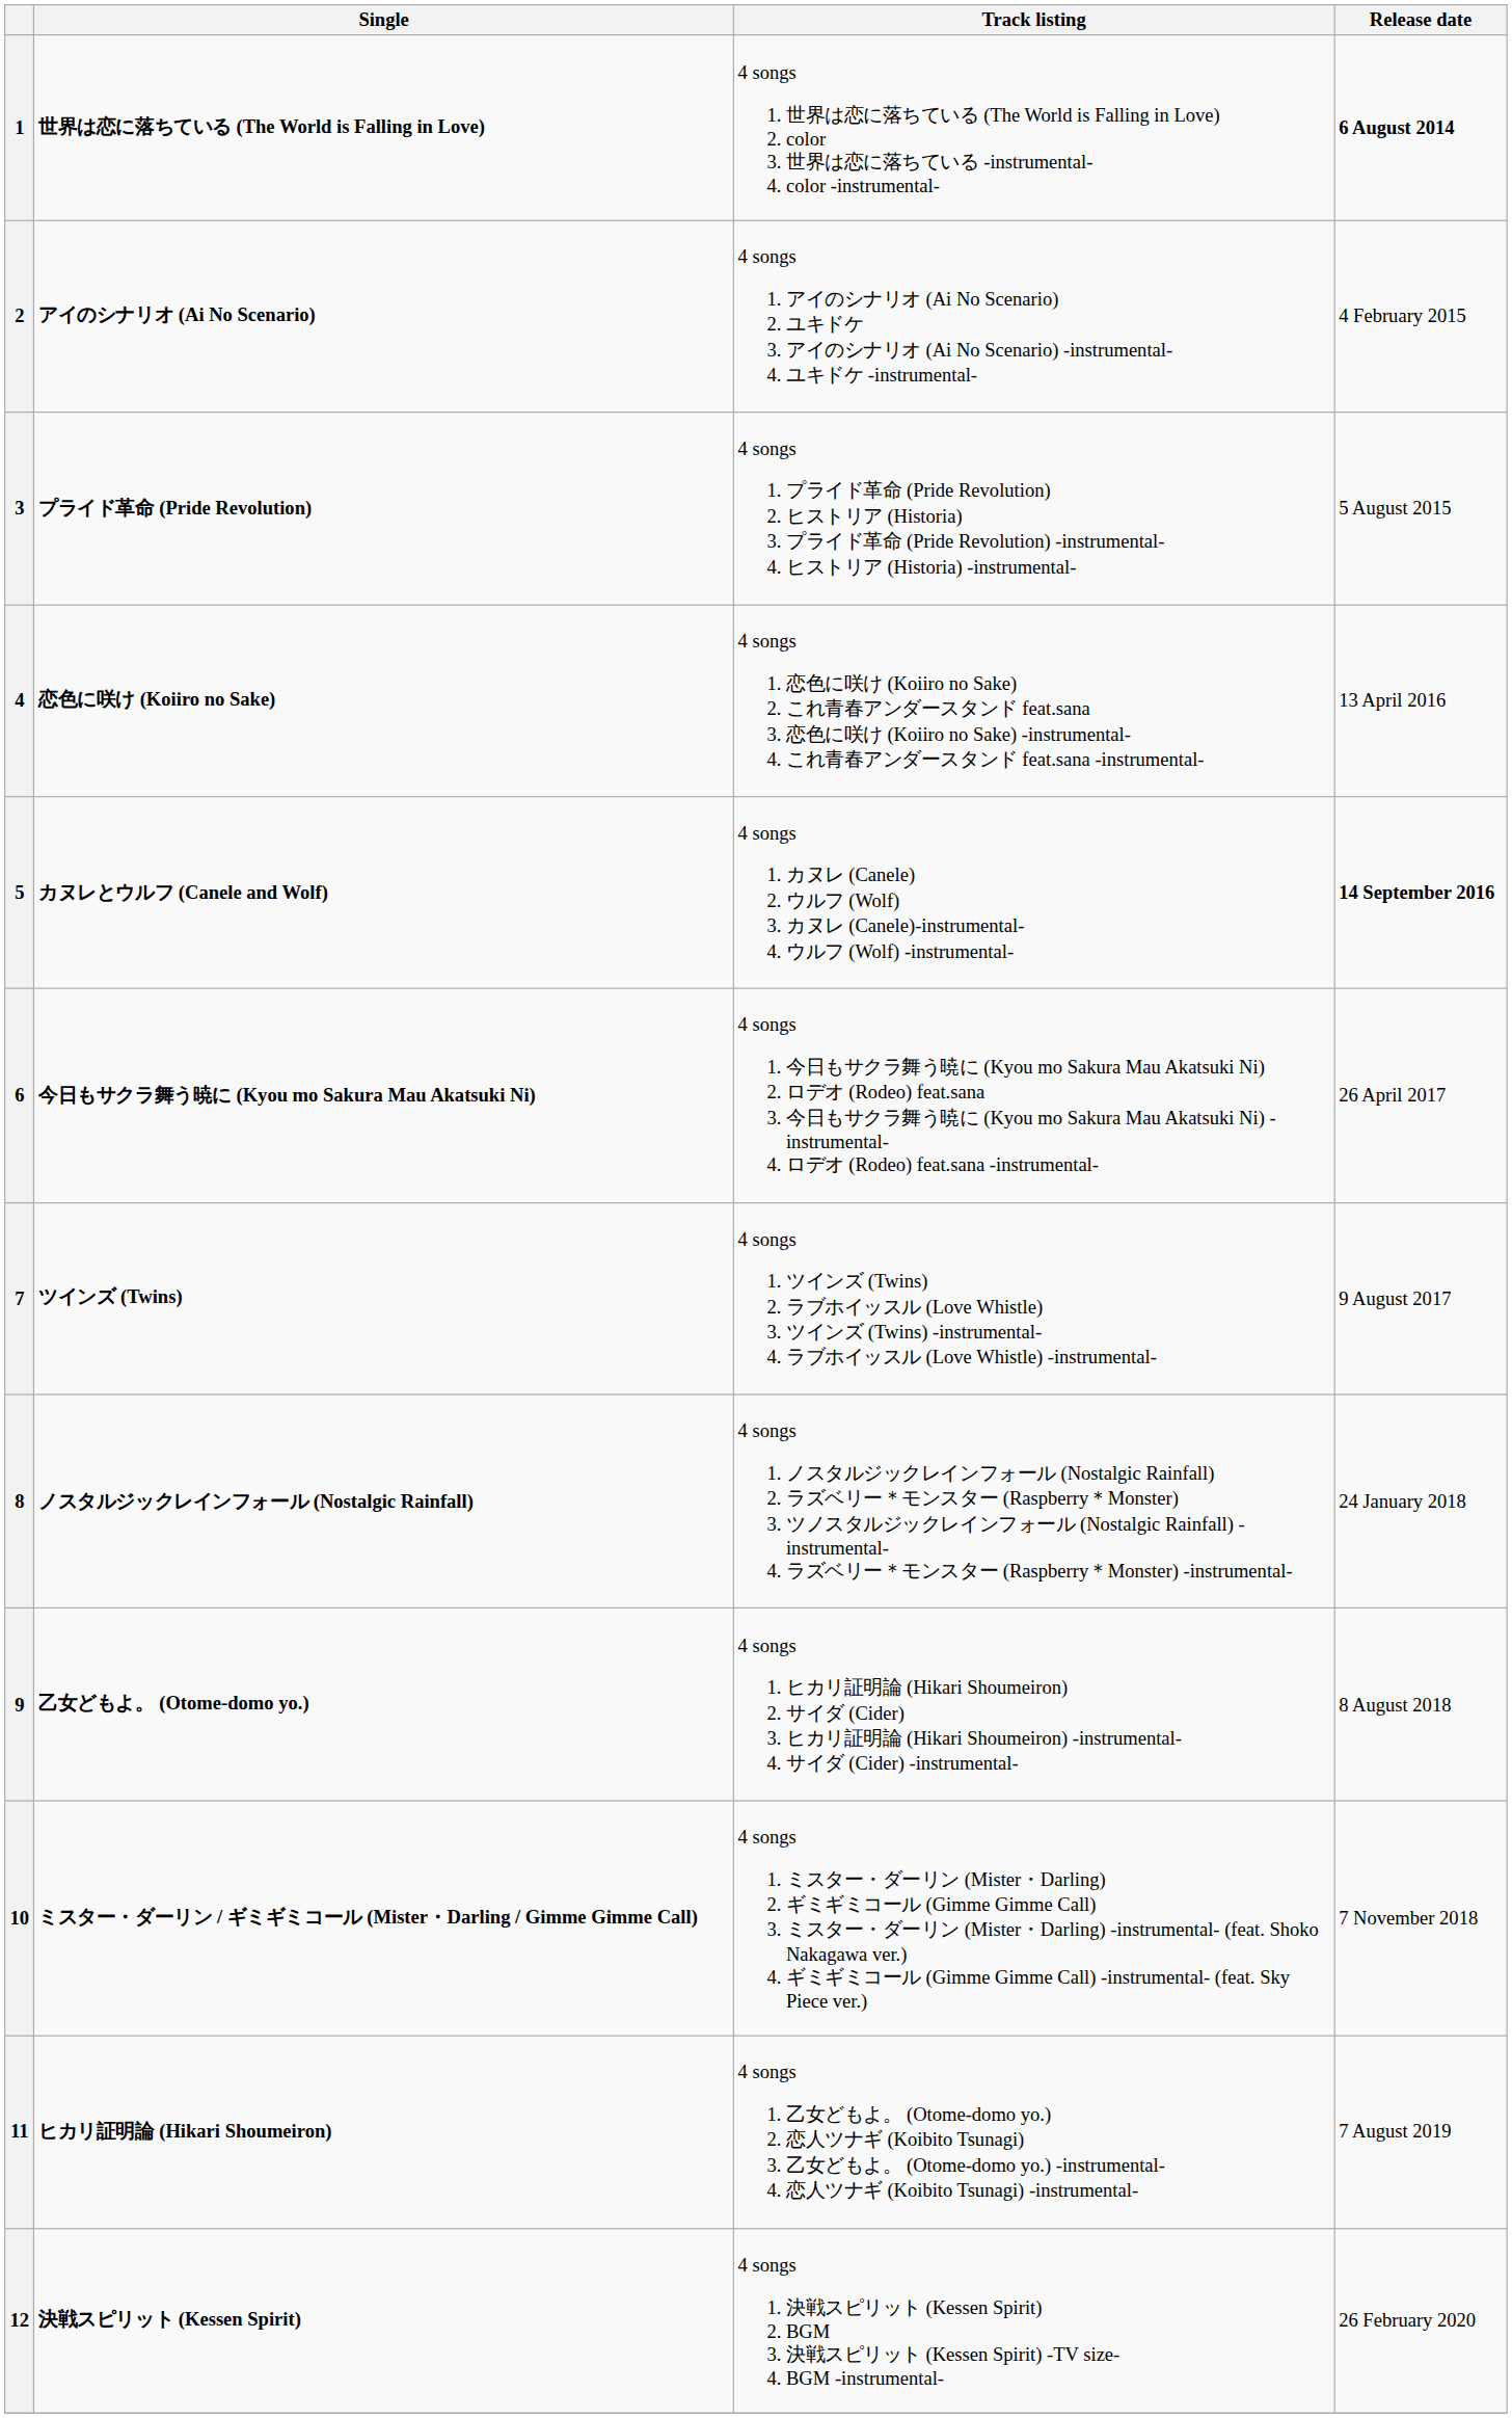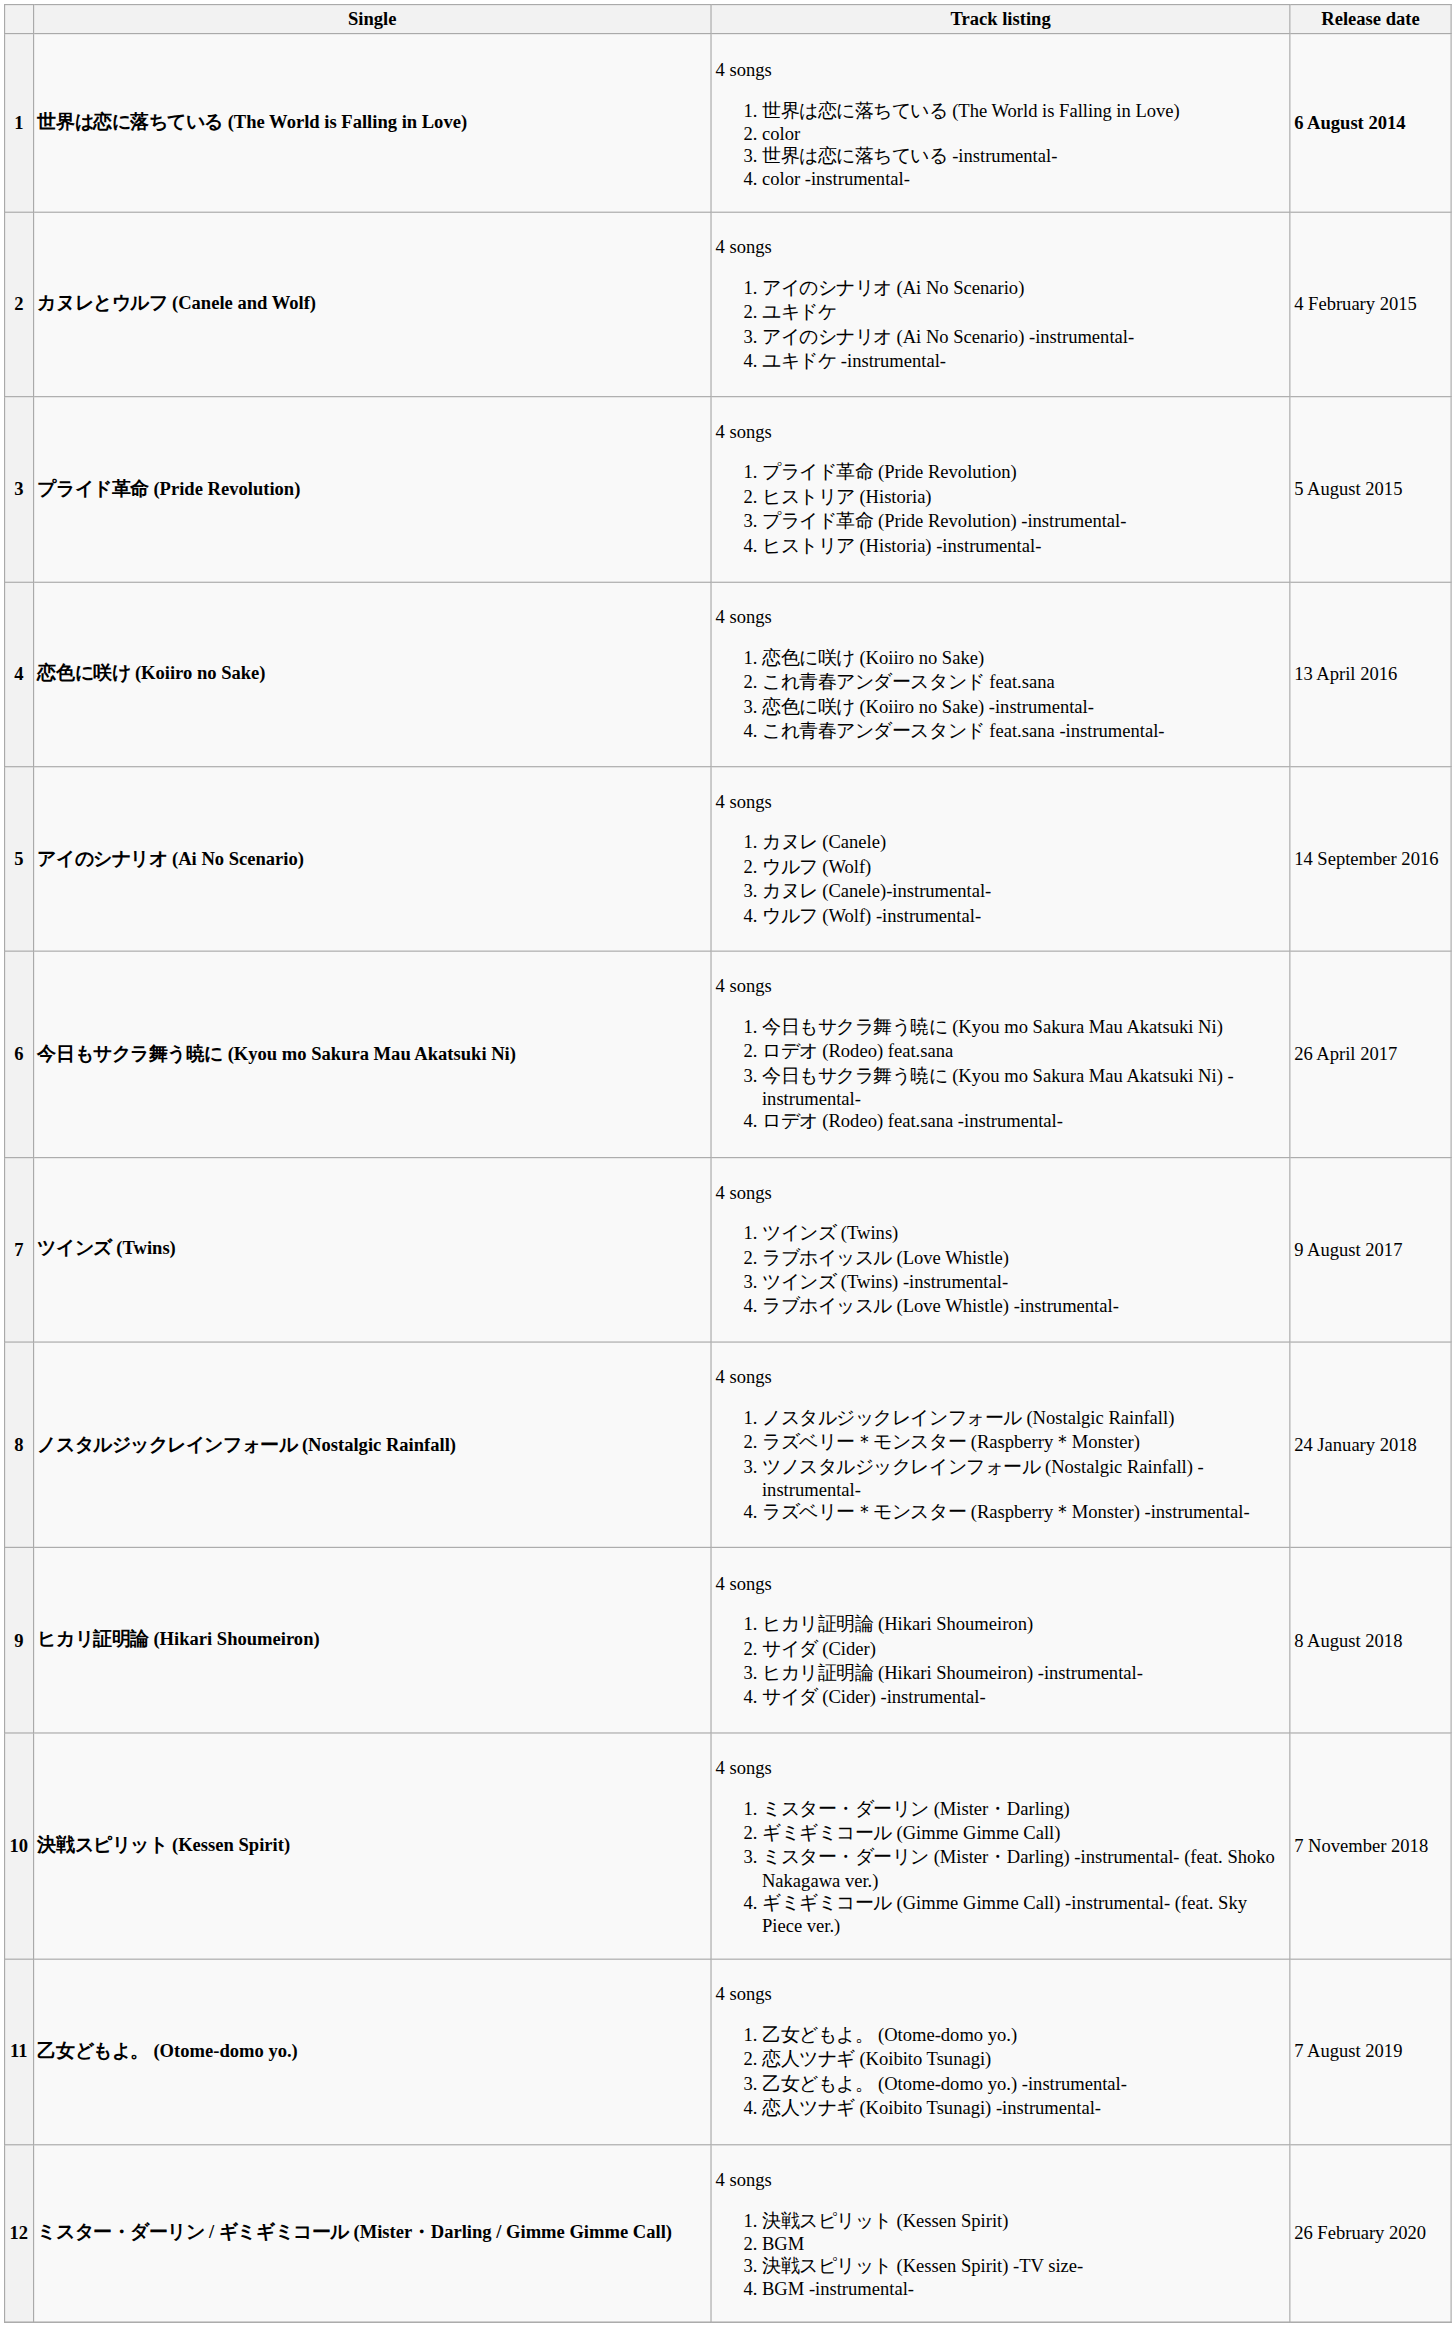 <table class="wikitable">
 <tr>
 <th></th>
 <th>Single</th>
 <th style=width:40%>Track listing</th>
 <th>Release date</th>
 </tr>
 <tr>
 <th>1</th>
 <td><strong>世界は恋に落ちている (The World is Falling in Love)</strong></td>
 <td><br>4 songs<ol><li>世界は恋に落ちている (The World is Falling in Love)</li><li>color</li><li>世界は恋に落ちている -instrumental-</li><li>color -instrumental-</li></ol></td>
 <td><strong>6 August 2014</strong></td>
 </tr>
 <tr>
 <th>2</th>
-<td><strong>アイのシナリオ (Ai No Scenario)</strong></td>
+<td><strong>カヌレとウルフ (Canele and Wolf) </strong></td>
 <td><br>4 songs<ol><li>アイのシナリオ (Ai No Scenario)</li><li>ユキドケ</li><li>アイのシナリオ (Ai No Scenario) -instrumental-</li><li>ユキドケ -instrumental-</li></ol></td>
 <td>4 February 2015</td>
 </tr>
 <tr>
 <th>3</th>
 <td><strong>プライド革命 (Pride Revolution)</strong></td>
 <td><br>4 songs<ol><li>プライド革命 (Pride Revolution)</li><li>ヒストリア (Historia)</li><li>プライド革命 (Pride Revolution) -instrumental-</li><li>ヒストリア (Historia) -instrumental-</li></ol></td>
 <td>5 August 2015</td>
 </tr>
 <tr>
 <th>4</th>
 <td><strong>恋色に咲け (Koiiro no Sake)</strong></td>
 <td><br>4 songs<ol><li>恋色に咲け (Koiiro no Sake)</li><li>これ青春アンダースタンド feat.sana</li><li>恋色に咲け (Koiiro no Sake) -instrumental-</li><li>これ青春アンダースタンド feat.sana -instrumental-</li></ol></td>
 <td>13 April 2016</td>
 </tr>
 <tr>
 <th>5</th>
-<td><strong>カヌレとウルフ (Canele and Wolf) </strong></td>
+<td><strong>アイのシナリオ (Ai No Scenario)</strong></td>
 <td><br>4 songs<ol><li>カヌレ (Canele)</li><li>ウルフ (Wolf)</li><li>カヌレ (Canele)-instrumental-</li><li>ウルフ (Wolf) -instrumental-</li></ol></td>
-<td><strong>14 September 2016</strong></td>
+<td>14 September 2016</td>
 </tr>
 <tr>
 <th>6</th>
 <td><strong>今日もサクラ舞う暁に (Kyou mo Sakura Mau Akatsuki Ni)</strong></td>
 <td><br>4 songs<ol><li>今日もサクラ舞う暁に (Kyou mo Sakura Mau Akatsuki Ni)</li><li>ロデオ (Rodeo) feat.sana</li><li>今日もサクラ舞う暁に (Kyou mo Sakura Mau Akatsuki Ni) -instrumental-</li><li>ロデオ (Rodeo) feat.sana -instrumental-</li></ol></td>
 <td>26 April 2017</td>
 </tr>
 <tr>
 <th>7</th>
 <td><strong>ツインズ (Twins)</strong></td>
 <td><br>4 songs<ol><li>ツインズ (Twins)</li><li>ラブホイッスル (Love Whistle)</li><li>ツインズ (Twins) -instrumental-</li><li>ラブホイッスル (Love Whistle) -instrumental-</li></ol></td>
 <td>9 August 2017</td>
 </tr>
 <tr>
 <th>8</th>
 <td><strong>ノスタルジックレインフォール (Nostalgic Rainfall)</strong></td>
 <td><br>4 songs<ol><li>ノスタルジックレインフォール (Nostalgic Rainfall)</li><li>ラズベリー＊モンスター (Raspberry＊Monster)</li><li>ツノスタルジックレインフォール (Nostalgic Rainfall) -instrumental-</li><li>ラズベリー＊モンスター (Raspberry＊Monster) -instrumental-</li></ol></td>
 <td>24 January 2018</td>
 </tr>
 <tr>
 <th>9</th>
-<td><strong>乙女どもよ。 (Otome-domo yo.)</strong></td>
+<td><strong>ヒカリ証明論 (Hikari Shoumeiron)</strong></td>
 <td><br>4 songs<ol><li>ヒカリ証明論 (Hikari Shoumeiron)</li><li>サイダ (Cider)</li><li>ヒカリ証明論 (Hikari Shoumeiron) -instrumental-</li><li>サイダ (Cider) -instrumental-</li></ol></td>
 <td>8 August 2018</td>
 </tr>
 <tr>
 <th>10</th>
-<td><strong>ミスター・ダーリン / ギミギミコール (Mister・Darling / Gimme Gimme Call)</strong></td>
+<td><strong>決戦スピリット (Kessen Spirit)</strong></td>
 <td><br>4 songs<ol><li>ミスター・ダーリン (Mister・Darling)</li><li>ギミギミコール (Gimme Gimme Call)</li><li>ミスター・ダーリン (Mister・Darling) -instrumental- (feat. Shoko Nakagawa ver.)</li><li>ギミギミコール (Gimme Gimme Call)  -instrumental- (feat. Sky Piece ver.)</li></ol></td>
 <td>7 November 2018</td>
 </tr>
 <tr>
 <th>11</th>
-<td><strong>ヒカリ証明論 (Hikari Shoumeiron)</strong></td>
+<td><strong>乙女どもよ。 (Otome-domo yo.)</strong></td>
 <td><br>4 songs<ol><li>乙女どもよ。 (Otome-domo yo.)</li><li>恋人ツナギ (Koibito Tsunagi)</li><li>乙女どもよ。 (Otome-domo yo.) -instrumental-</li><li>恋人ツナギ (Koibito Tsunagi) -instrumental-</li></ol></td>
 <td>7 August 2019</td>
 </tr>
 <tr>
 <th>12</th>
-<td><strong>決戦スピリット (Kessen Spirit)</strong></td>
+<td><strong>ミスター・ダーリン / ギミギミコール (Mister・Darling / Gimme Gimme Call)</strong></td>
 <td><br>4 songs<ol><li>決戦スピリット (Kessen Spirit)</li><li>BGM</li><li>決戦スピリット (Kessen Spirit) -TV size-</li><li>BGM -instrumental-</li></ol></td>
 <td>26 February 2020</td>
 </tr>
 <tr>
 </tr>
 </table>
